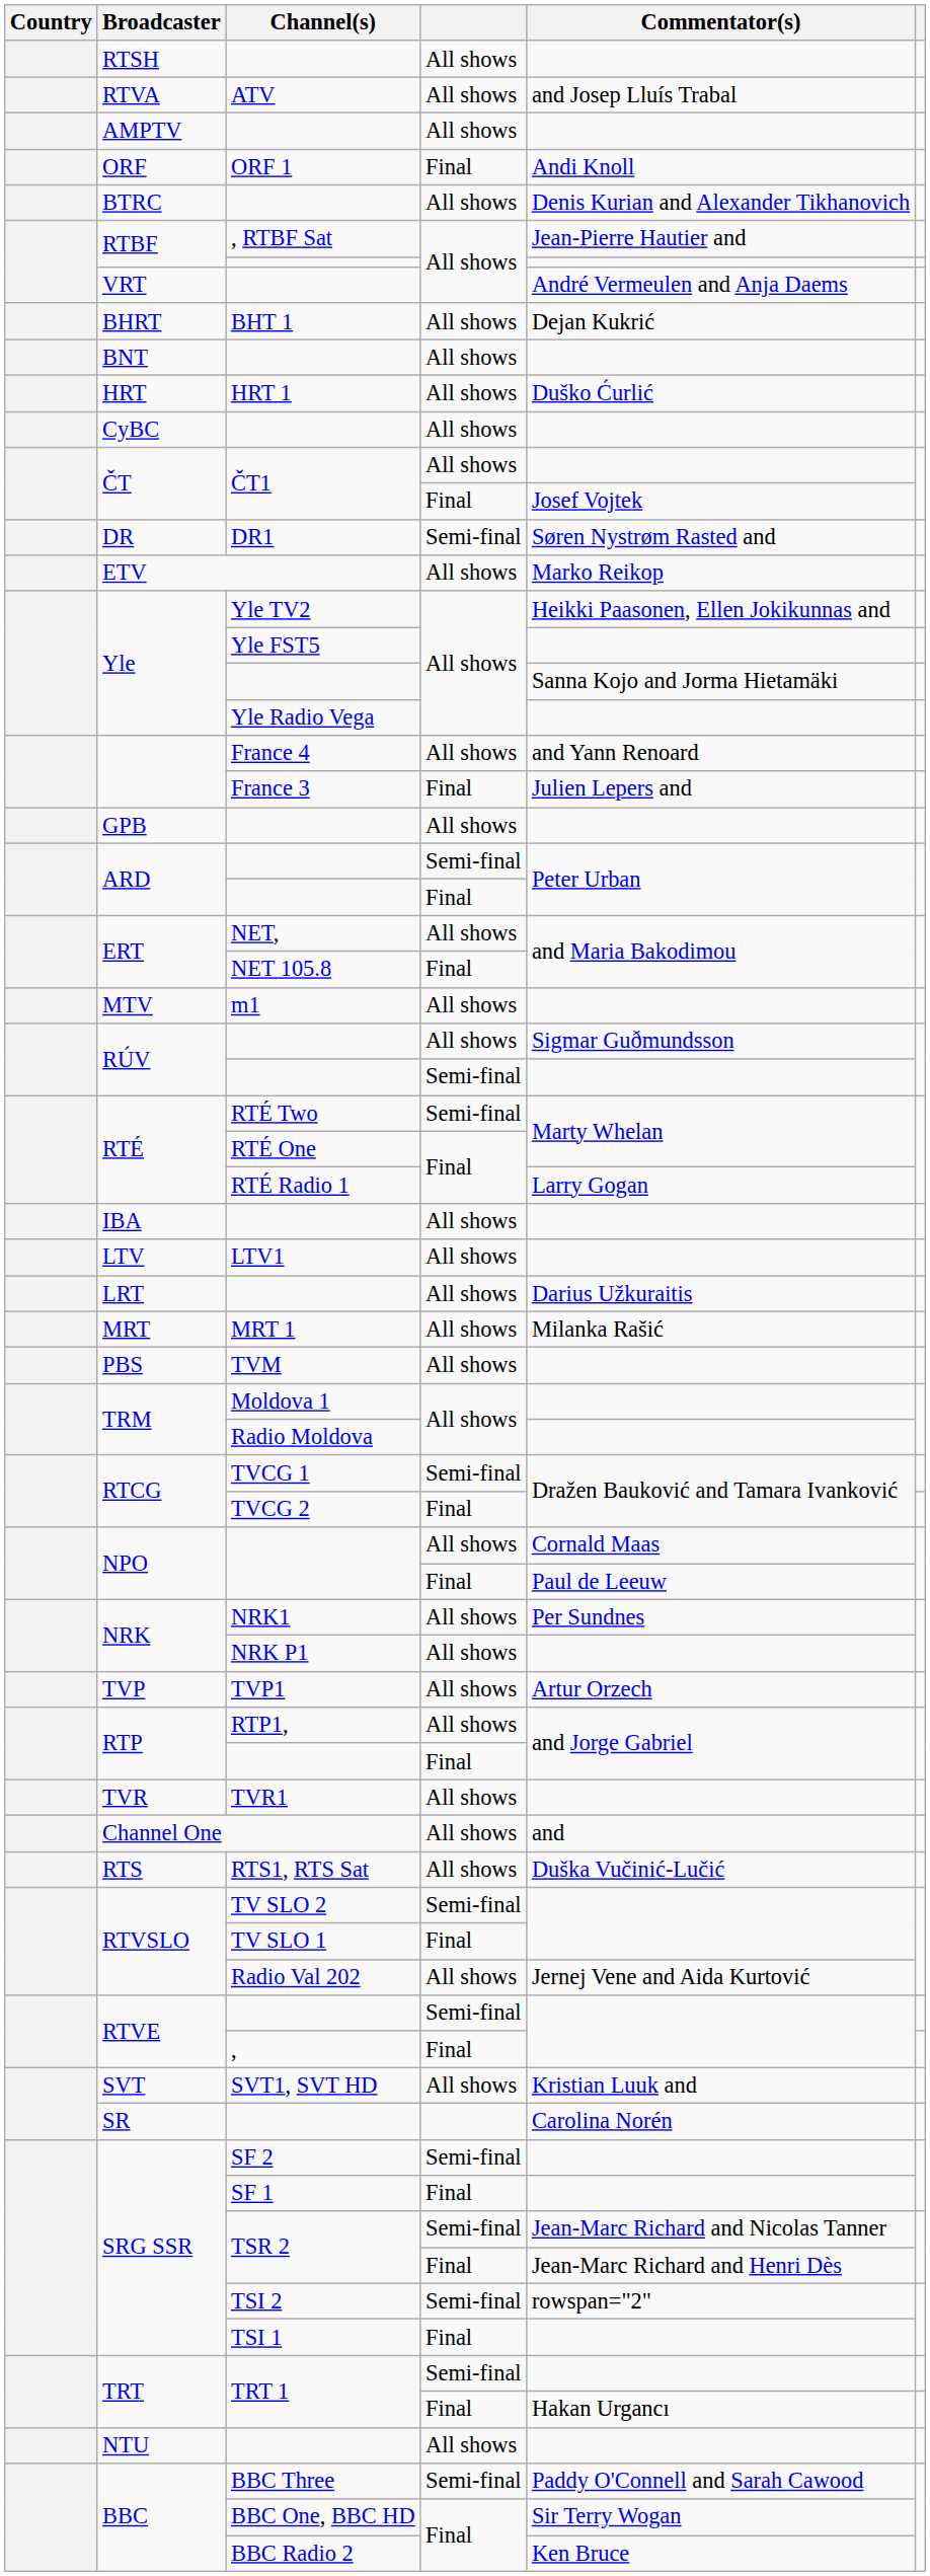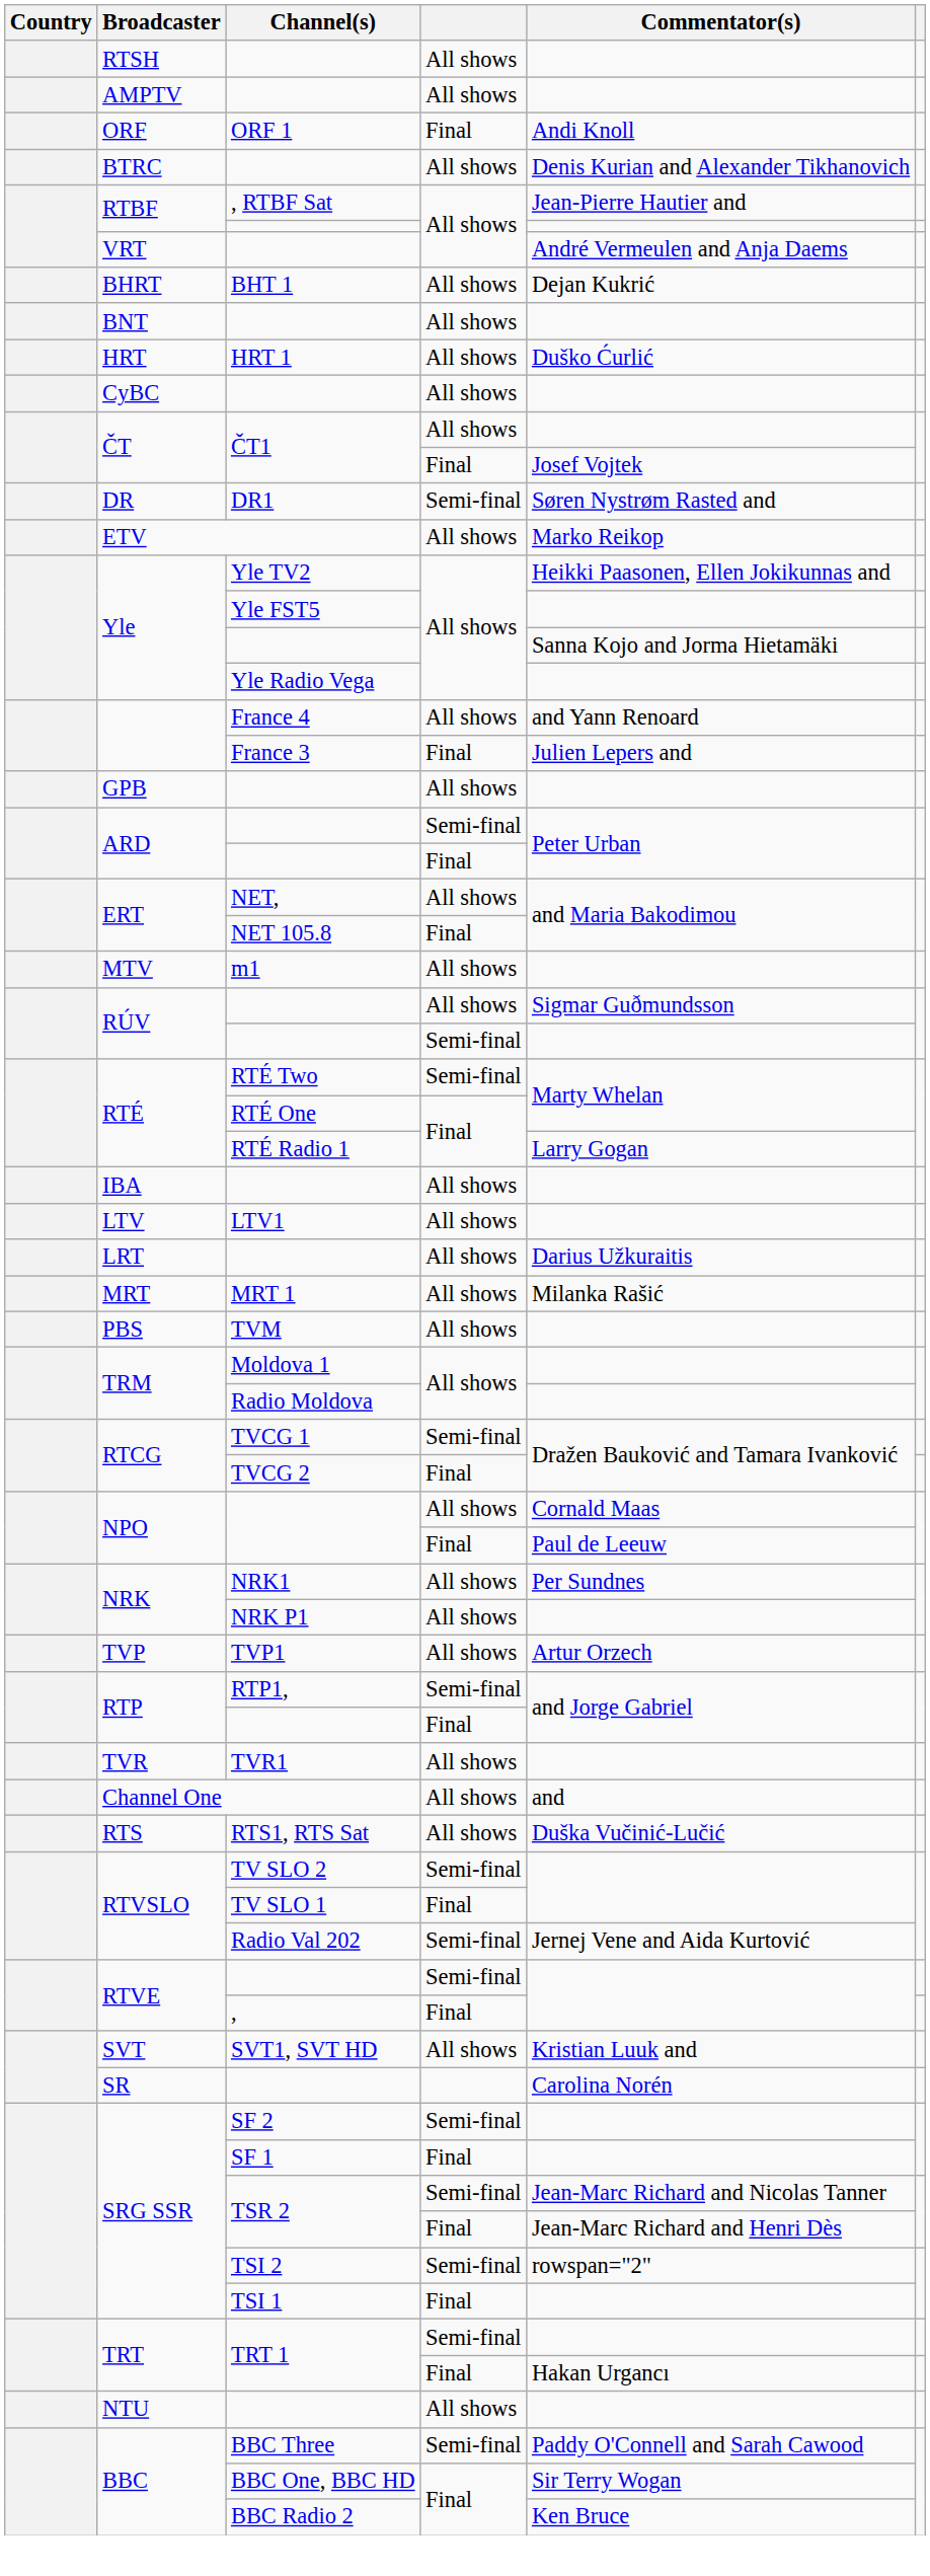 <table class="wikitable plainrowheaders">
 <tr>
 <th scope="col">Country</th>
 <th scope="col">Broadcaster</th>
 <th scope="col">Channel(s)</th>
 <th scope="col"></th>
 <th scope="col">Commentator(s)</th>
 <th scope="col"></th>
 </tr>
 <tr>
 <th scope="row"></th>
 <td><a href='#'>RTSH</a></td>
 <td></td>
 <td>All shows</td>
 <td></td>
-<td></td>
-</tr>
-<tr>
-<th scope="row"></th>
-<td><a href='#'>RTVA</a></td>
-<td><a href='#'>ATV</a></td>
-<td>All shows</td>
-<td> and Josep Lluís Trabal</td>
 <td></td>
 </tr>
 <tr>
 <th scope="row"></th>
 <td><a href='#'>AMPTV</a></td>
 <td></td>
 <td>All shows</td>
 <td></td>
 <td></td>
 </tr>
 <tr>
 <th scope="row"></th>
 <td><a href='#'>ORF</a></td>
 <td><a href='#'>ORF 1</a></td>
 <td>Final</td>
 <td><a href='#'>Andi Knoll</a></td>
 <td></td>
 </tr>
 <tr>
 <th scope="row"></th>
 <td><a href='#'>BTRC</a></td>
 <td></td>
 <td>All shows</td>
 <td><a href='#'>Denis Kurian</a> and <a href='#'>Alexander Tikhanovich</a></td>
 <td></td>
 </tr>
 <tr>
 <th scope="rowgroup" rowspan="3"></th>
 <td rowspan="2"><a href='#'>RTBF</a></td>
 <td>, <a href='#'>RTBF Sat</a></td>
 <td rowspan="3">All shows</td>
 <td><a href='#'>Jean-Pierre Hautier</a> and </td>
 <td></td>
 </tr>
 <tr>
 <td></td>
 <td></td>
 <td></td>
 </tr>
 <tr>
 <td><a href='#'>VRT</a></td>
 <td></td>
 <td><a href='#'>André Vermeulen</a> and <a href='#'>Anja Daems</a></td>
 <td></td>
 </tr>
 <tr>
 <th scope="row"></th>
 <td><a href='#'>BHRT</a></td>
 <td><a href='#'>BHT 1</a></td>
 <td>All shows</td>
 <td>Dejan Kukrić</td>
 <td></td>
 </tr>
 <tr>
 <th scope="row"></th>
 <td><a href='#'>BNT</a></td>
 <td></td>
 <td>All shows</td>
 <td></td>
 <td></td>
 </tr>
 <tr>
 <th scope="row"></th>
 <td><a href='#'>HRT</a></td>
 <td><a href='#'>HRT 1</a></td>
 <td>All shows</td>
 <td><a href='#'>Duško Ćurlić</a></td>
 <td></td>
 </tr>
 <tr>
 <th scope="row"></th>
 <td><a href='#'>CyBC</a></td>
 <td></td>
 <td>All shows</td>
 <td></td>
 <td></td>
 </tr>
 <tr>
 <th scope="rowgroup" rowspan="2"></th>
 <td rowspan="2"><a href='#'>ČT</a></td>
 <td rowspan="2"><a href='#'>ČT1</a></td>
 <td>All shows</td>
 <td></td>
 <td rowspan="2"></td>
 </tr>
 <tr>
 <td>Final</td>
 <td><a href='#'>Josef Vojtek</a></td>
 </tr>
 <tr>
 <th scope="row"></th>
 <td><a href='#'>DR</a></td>
 <td><a href='#'>DR1</a></td>
 <td>Semi-final</td>
 <td><a href='#'>Søren Nystrøm Rasted</a> and </td>
 <td></td>
 </tr>
 <tr>
 <th scope="row"></th>
 <td colspan="2"><a href='#'>ETV</a></td>
 <td>All shows</td>
 <td><a href='#'>Marko Reikop</a></td>
 <td></td>
 </tr>
 <tr>
 <th scope="rowgroup" rowspan="4"></th>
 <td rowspan="4"><a href='#'>Yle</a></td>
 <td><a href='#'>Yle TV2</a></td>
 <td rowspan="4">All shows</td>
 <td><a href='#'>Heikki Paasonen</a>, <a href='#'>Ellen Jokikunnas</a> and </td>
 <td></td>
 </tr>
 <tr>
 <td><a href='#'>Yle FST5</a></td>
 <td></td>
 <td></td>
 </tr>
 <tr>
 <td></td>
 <td>Sanna Kojo and Jorma Hietamäki</td>
 <td></td>
 </tr>
 <tr>
 <td><a href='#'>Yle Radio Vega</a></td>
 <td></td>
 <td></td>
 </tr>
 <tr>
 <th scope="rowgroup" rowspan="2"></th>
 <td rowspan="2"></td>
 <td><a href='#'>France 4</a></td>
 <td>All shows</td>
 <td> and Yann Renoard</td>
 <td></td>
 </tr>
 <tr>
 <td><a href='#'>France 3</a></td>
 <td>Final</td>
 <td><a href='#'>Julien Lepers</a> and </td>
 <td></td>
 </tr>
 <tr>
 <th scope="row"></th>
 <td><a href='#'>GPB</a></td>
 <td></td>
 <td>All shows</td>
 <td></td>
 <td></td>
 </tr>
 <tr>
 <th scope="rowgroup" rowspan="2"></th>
 <td rowspan="2"><a href='#'>ARD</a></td>
 <td></td>
 <td>Semi-final</td>
 <td rowspan="2"><a href='#'>Peter Urban</a></td>
 <td rowspan="2"></td>
 </tr>
 <tr>
 <td></td>
 <td>Final</td>
 </tr>
 <tr>
 <th scope="rowgroup" rowspan="2"></th>
 <td rowspan="2"><a href='#'>ERT</a></td>
 <td><a href='#'>NET</a>, </td>
 <td>All shows</td>
 <td rowspan="2"> and <a href='#'>Maria Bakodimou</a></td>
 <td rowspan="2"></td>
 </tr>
 <tr>
 <td><a href='#'>NET 105.8</a></td>
 <td>Final</td>
 </tr>
 <tr>
 <th scope="row"></th>
 <td><a href='#'>MTV</a></td>
 <td><a href='#'>m1</a></td>
 <td>All shows</td>
 <td></td>
 <td></td>
 </tr>
 <tr>
 <th scope="rowgroup" rowspan="2"></th>
 <td rowspan="2"><a href='#'>RÚV</a></td>
 <td></td>
 <td>All shows</td>
 <td><a href='#'>Sigmar Guðmundsson</a></td>
 <td rowspan="2"></td>
 </tr>
 <tr>
 <td></td>
 <td>Semi-final</td>
 <td></td>
 </tr>
 <tr>
 <th scope="rowgroup" rowspan="3"></th>
 <td rowspan="3"><a href='#'>RTÉ</a></td>
 <td><a href='#'>RTÉ Two</a></td>
 <td>Semi-final</td>
 <td rowspan="2"><a href='#'>Marty Whelan</a></td>
 <td rowspan="3"></td>
 </tr>
 <tr>
 <td><a href='#'>RTÉ One</a></td>
 <td rowspan="2">Final</td>
 </tr>
 <tr>
 <td><a href='#'>RTÉ Radio 1</a></td>
 <td><a href='#'>Larry Gogan</a></td>
 </tr>
 <tr>
 <th scope="row"></th>
 <td><a href='#'>IBA</a></td>
 <td></td>
 <td>All shows</td>
 <td></td>
 <td></td>
 </tr>
 <tr>
 <th scope="row"></th>
 <td><a href='#'>LTV</a></td>
 <td><a href='#'>LTV1</a></td>
 <td>All shows</td>
 <td></td>
 <td></td>
 </tr>
 <tr>
 <th scope="row"></th>
 <td><a href='#'>LRT</a></td>
 <td></td>
 <td>All shows</td>
 <td><a href='#'>Darius Užkuraitis</a></td>
 <td></td>
 </tr>
 <tr>
 <th scope="row"></th>
 <td><a href='#'>MRT</a></td>
 <td><a href='#'>MRT 1</a></td>
 <td>All shows</td>
 <td>Milanka Rašić</td>
 <td></td>
 </tr>
 <tr>
 <th scope="row"></th>
 <td><a href='#'>PBS</a></td>
 <td><a href='#'>TVM</a></td>
 <td>All shows</td>
 <td></td>
 <td></td>
 </tr>
 <tr>
 <th scope="rowgroup" rowspan="2"></th>
 <td rowspan="2"><a href='#'>TRM</a></td>
 <td><a href='#'>Moldova 1</a></td>
 <td rowspan="2">All shows</td>
 <td></td>
 <td rowspan="2"></td>
 </tr>
 <tr>
 <td><a href='#'>Radio Moldova</a></td>
 <td></td>
 </tr>
 <tr>
 <th scope="rowgroup" rowspan="2"></th>
 <td rowspan="2"><a href='#'>RTCG</a></td>
 <td><a href='#'>TVCG 1</a></td>
 <td>Semi-final</td>
 <td rowspan="2">Dražen Bauković and Tamara Ivanković</td>
 <td></td>
 </tr>
 <tr>
 <td><a href='#'>TVCG 2</a></td>
 <td>Final</td>
 <td></td>
 </tr>
 <tr>
 <th scope="rowgroup" rowspan="2"></th>
 <td rowspan="2"><a href='#'>NPO</a></td>
 <td rowspan="2"></td>
 <td>All shows</td>
 <td><a href='#'>Cornald Maas</a></td>
 <td rowspan="2"></td>
 </tr>
 <tr>
 <td>Final</td>
 <td><a href='#'>Paul de Leeuw</a></td>
 </tr>
 <tr>
 <th scope="rowgroup" rowspan="2"></th>
 <td rowspan="2"><a href='#'>NRK</a></td>
 <td><a href='#'>NRK1</a></td>
 <td>All shows</td>
 <td><a href='#'>Per Sundnes</a></td>
 <td rowspan="2"></td>
 </tr>
 <tr>
 <td><a href='#'>NRK P1</a></td>
 <td>All shows</td>
 <td></td>
 </tr>
 <tr>
 <th scope="row"></th>
 <td><a href='#'>TVP</a></td>
 <td><a href='#'>TVP1</a></td>
 <td>All shows</td>
 <td><a href='#'>Artur Orzech</a></td>
 <td></td>
 </tr>
 <tr>
 <th scope="rowgroup" rowspan="2"></th>
 <td rowspan="2"><a href='#'>RTP</a></td>
 <td><a href='#'>RTP1</a>, </td>
-<td>All shows</td>
+<td>Semi-final</td>
 <td rowspan="2"> and <a href='#'>Jorge Gabriel</a></td>
 <td rowspan="2"></td>
 </tr>
 <tr>
 <td></td>
 <td>Final</td>
 </tr>
 <tr>
 <th scope="row"></th>
 <td><a href='#'>TVR</a></td>
 <td><a href='#'>TVR1</a></td>
 <td>All shows</td>
 <td></td>
 <td></td>
 </tr>
 <tr>
 <th scope="row"></th>
 <td colspan="2"><a href='#'>Channel One</a></td>
 <td>All shows</td>
 <td> and </td>
 <td></td>
 </tr>
 <tr>
 <th scope="row"></th>
 <td><a href='#'>RTS</a></td>
 <td><a href='#'>RTS1</a>, <a href='#'>RTS Sat</a></td>
 <td>All shows</td>
 <td><a href='#'>Duška Vučinić-Lučić</a></td>
 <td></td>
 </tr>
 <tr>
 <th scope="row" rowspan="3"></th>
 <td rowspan="3"><a href='#'>RTVSLO</a></td>
 <td><a href='#'>TV SLO 2</a></td>
 <td>Semi-final</td>
 <td rowspan="2"></td>
 <td rowspan="3"></td>
 </tr>
 <tr>
 <td><a href='#'>TV SLO 1</a></td>
 <td>Final</td>
 </tr>
 <tr>
 <td><a href='#'>Radio Val 202</a></td>
-<td>All shows</td>
+<td>Semi-final</td>
 <td>Jernej Vene and Aida Kurtović</td>
 </tr>
 <tr>
 <th scope="rowgroup" rowspan="2"></th>
 <td rowspan="2"><a href='#'>RTVE</a></td>
 <td></td>
 <td>Semi-final</td>
 <td rowspan="2"></td>
 <td></td>
 </tr>
 <tr>
 <td>, </td>
 <td>Final</td>
 <td></td>
 </tr>
 <tr>
 <th scope="rowgroup" rowspan="2"></th>
 <td><a href='#'>SVT</a></td>
 <td><a href='#'>SVT1</a>, <a href='#'>SVT HD</a></td>
 <td>All shows</td>
 <td><a href='#'>Kristian Luuk</a> and </td>
 <td></td>
 </tr>
 <tr>
 <td><a href='#'>SR</a></td>
 <td></td>
 <td></td>
 <td><a href='#'>Carolina Norén</a></td>
 <td></td>
 </tr>
 <tr>
 <th scope="rowgroup" rowspan="6"></th>
 <td rowspan="6"><a href='#'>SRG SSR</a></td>
 <td><a href='#'>SF 2</a></td>
 <td>Semi-final</td>
 <td></td>
 <td rowspan="2"></td>
 </tr>
 <tr>
 <td><a href='#'>SF 1</a></td>
 <td>Final</td>
 <td></td>
 </tr>
 <tr>
 <td rowspan="2"><a href='#'>TSR 2</a></td>
 <td>Semi-final</td>
 <td><a href='#'>Jean-Marc Richard</a> and Nicolas Tanner</td>
 <td rowspan="2"></td>
 </tr>
 <tr>
 <td>Final</td>
 <td>Jean-Marc Richard and <a href='#'>Henri Dès</a></td>
 </tr>
 <tr>
 <td><a href='#'>TSI 2</a></td>
 <td>Semi-final</td>
 <td>rowspan="2" </td>
 <td rowspan="2"></td>
 </tr>
 <tr>
 <td><a href='#'>TSI 1</a></td>
 <td>Final</td>
 </tr>
 <tr>
 <th scope="rowgroup" rowspan="2"></th>
 <td rowspan="2"><a href='#'>TRT</a></td>
 <td rowspan="2"><a href='#'>TRT 1</a></td>
 <td>Semi-final</td>
 <td></td>
 <td></td>
 </tr>
 <tr>
 <td>Final</td>
 <td>Hakan Urgancı</td>
 <td></td>
 </tr>
 <tr>
 <th scope="row"></th>
 <td><a href='#'>NTU</a></td>
 <td></td>
 <td>All shows</td>
 <td></td>
 <td></td>
 </tr>
 <tr>
 <th scope="rowgroup" rowspan="3"></th>
 <td rowspan="3"><a href='#'>BBC</a></td>
 <td><a href='#'>BBC Three</a></td>
 <td>Semi-final</td>
 <td><a href='#'>Paddy O'Connell</a> and <a href='#'>Sarah Cawood</a></td>
 <td rowspan="3"></td>
 </tr>
 <tr>
 <td><a href='#'>BBC One</a>, <a href='#'>BBC HD</a></td>
 <td rowspan="2">Final</td>
 <td><a href='#'>Sir Terry Wogan</a></td>
 </tr>
 <tr>
 <td><a href='#'>BBC Radio 2</a></td>
 <td><a href='#'>Ken Bruce</a></td>
 </tr>
 </table>
